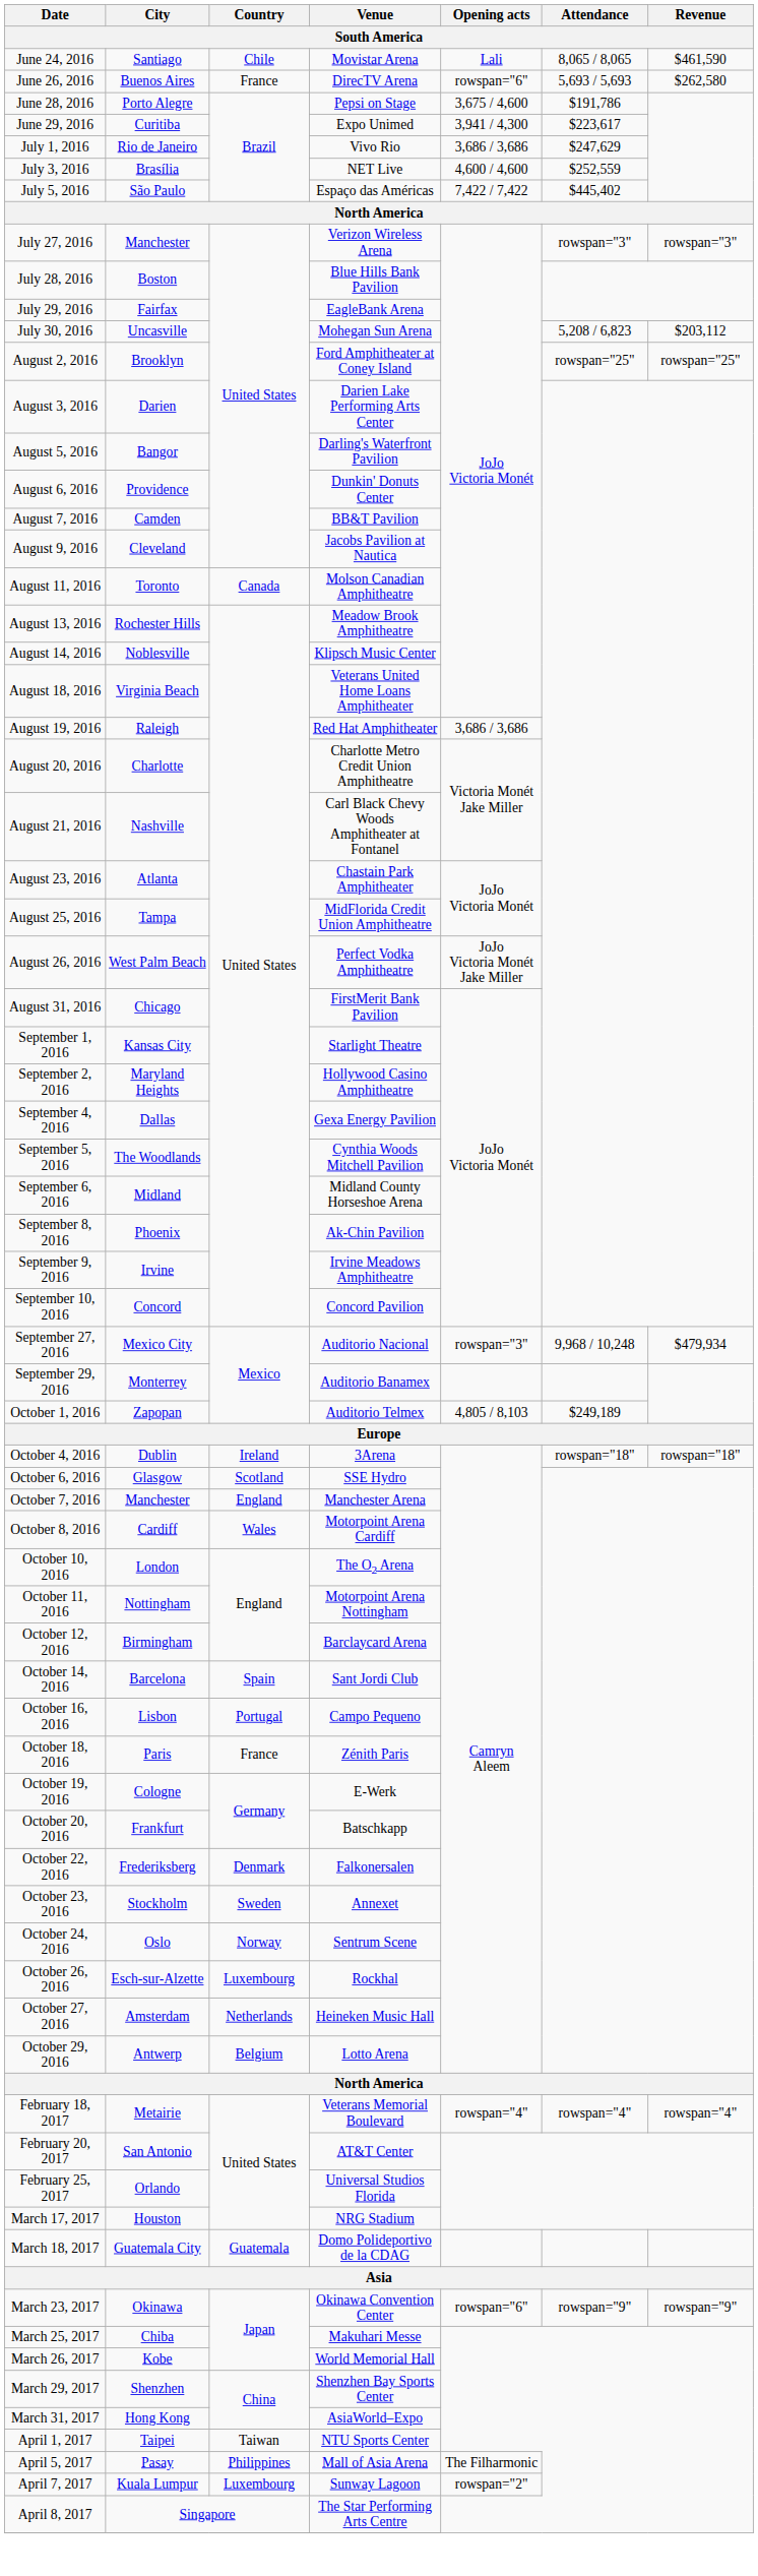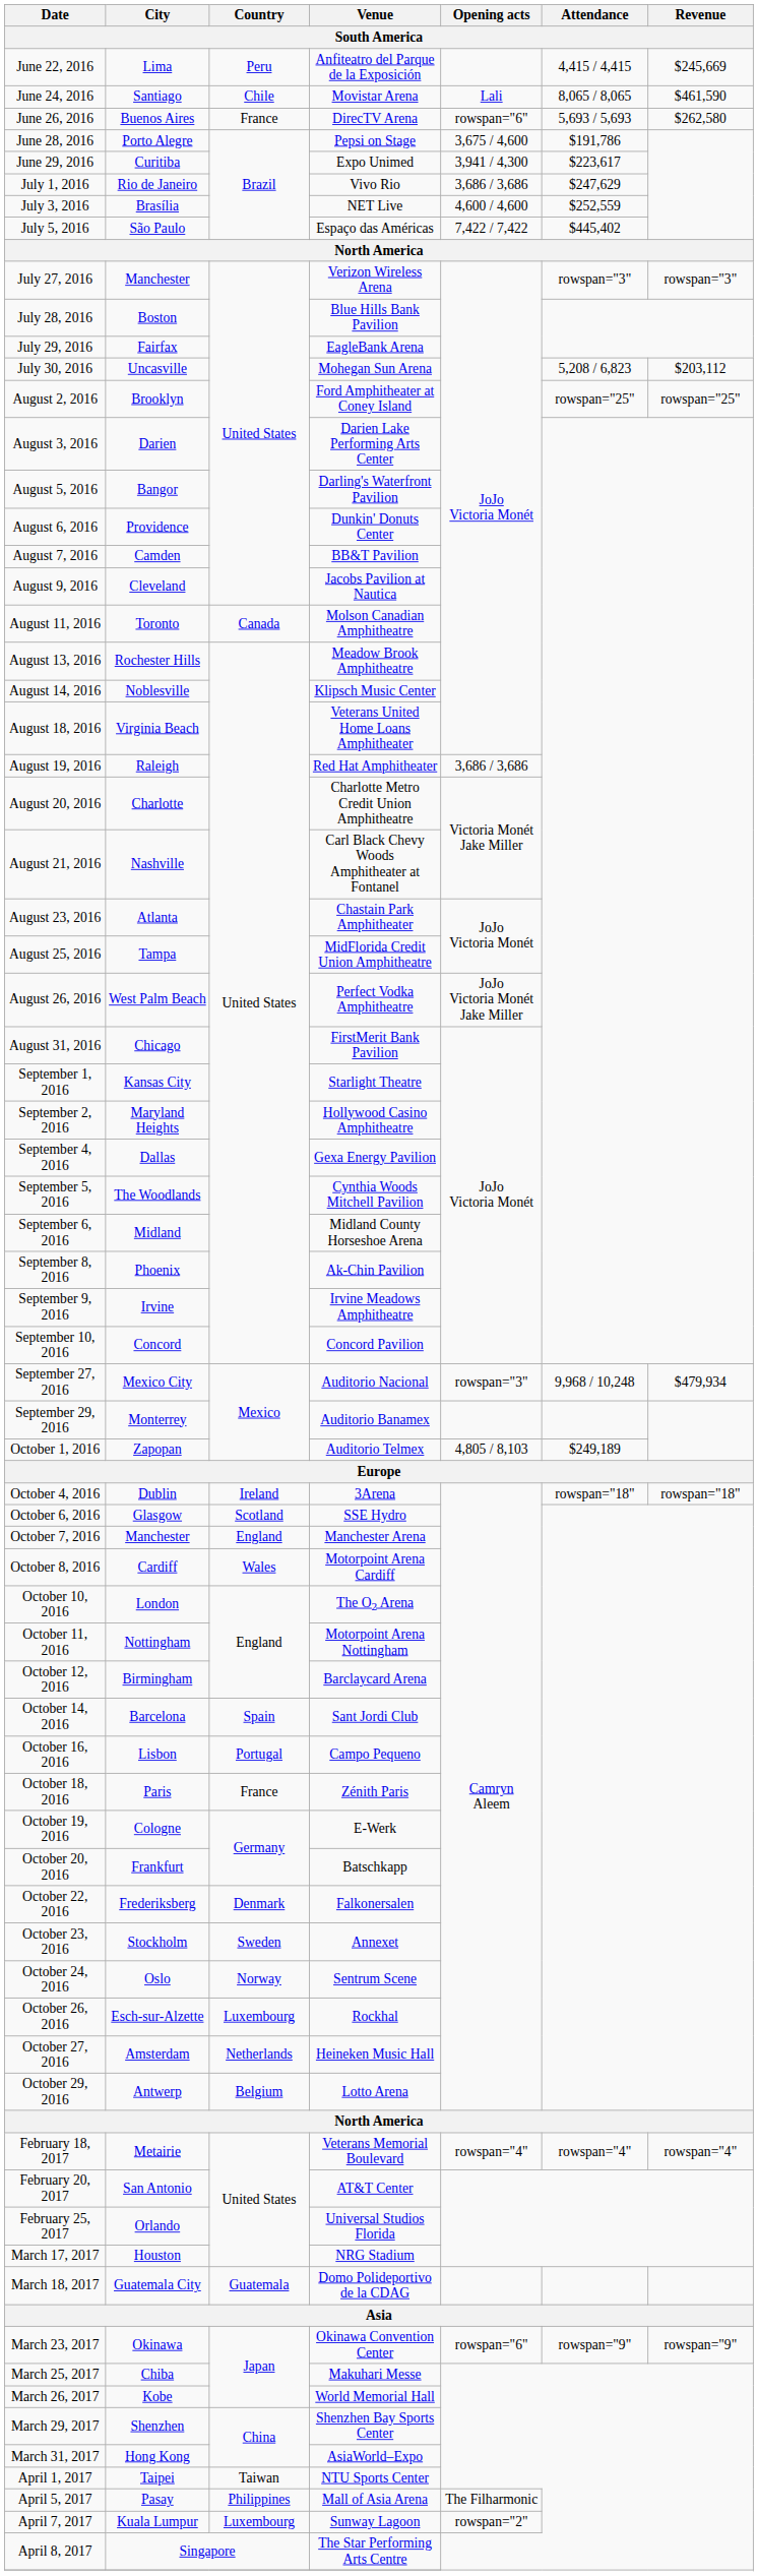 <table class="wikitable plainrowheaders" style="text-align:center;">
 <tr>
 <th scope="col" style="width:12em;">Date</th>
 <th scope="col" style="width:10em;">City</th>
 <th scope="col" style="width:10em;">Country</th>
 <th scope="col" style="width:16em;">Venue</th>
 <th scope="col" style="width:10em;">Opening acts</th>
 <th scope="col" style="width:10em;">Attendance</th>
 <th scope="col" style="width:10em;">Revenue</th>
 </tr>
 <tr>
 <th colspan="7" style="text-align:center;"><strong>South America</strong></th>
+</tr>
+<tr>
+<td>June 22, 2016</td>
+<td><a href='#'>Lima</a></td>
+<td><a href='#'>Peru</a></td>
+<td><a href='#'>Anfiteatro del Parque de la Exposición</a></td>
+<td></td>
+<td>4,415 / 4,415</td>
+<td>$245,669</td>
 </tr>
 <tr>
 <td>June 24, 2016</td>
 <td><a href='#'>Santiago</a></td>
 <td><a href='#'>Chile</a></td>
 <td><a href='#'>Movistar Arena</a></td>
 <td><a href='#'>Lali</a></td>
 <td>8,065 / 8,065</td>
 <td>$461,590</td>
 </tr>
 <tr>
 <td>June 26, 2016</td>
 <td><a href='#'>Buenos Aires</a></td>
 <td>France</td>
 <td><a href='#'>DirecTV Arena</a></td>
 <td>rowspan="6" </td>
 <td>5,693 / 5,693</td>
 <td>$262,580</td>
 </tr>
 <tr>
 <td>June 28, 2016</td>
 <td><a href='#'>Porto Alegre</a></td>
 <td rowspan="5"><a href='#'>Brazil</a></td>
 <td><a href='#'>Pepsi on Stage</a></td>
 <td>3,675 / 4,600</td>
 <td>$191,786</td>
 </tr>
 <tr>
 <td>June 29, 2016</td>
 <td><a href='#'>Curitiba</a></td>
 <td>Expo Unimed</td>
 <td>3,941 / 4,300</td>
 <td>$223,617</td>
 </tr>
 <tr>
 <td>July 1, 2016</td>
 <td><a href='#'>Rio de Janeiro</a></td>
 <td>Vivo Rio</td>
 <td>3,686 / 3,686</td>
 <td>$247,629</td>
 </tr>
 <tr>
 <td>July 3, 2016</td>
 <td><a href='#'>Brasília</a></td>
 <td>NET Live</td>
 <td>4,600 / 4,600</td>
 <td>$252,559</td>
 </tr>
 <tr>
 <td>July 5, 2016</td>
 <td><a href='#'>São Paulo</a></td>
 <td>Espaço das Américas</td>
 <td>7,422 / 7,422</td>
 <td>$445,402</td>
 </tr>
 <tr>
 <th colspan="7" style="text-align:center;"><strong>North America</strong></th>
 </tr>
 <tr>
 <td>July 27, 2016</td>
 <td><a href='#'>Manchester</a></td>
 <td rowspan="10"><a href='#'>United States</a></td>
 <td><a href='#'>Verizon Wireless Arena</a></td>
 <td rowspan="14"><a href='#'>JoJo</a><br><a href='#'>Victoria Monét</a></td>
 <td>rowspan="3" </td>
 <td>rowspan="3" </td>
 </tr>
 <tr>
 <td>July 28, 2016</td>
 <td><a href='#'>Boston</a></td>
 <td><a href='#'>Blue Hills Bank Pavilion</a></td>
 </tr>
 <tr>
 <td>July 29, 2016</td>
 <td><a href='#'>Fairfax</a></td>
 <td><a href='#'>EagleBank Arena</a></td>
 </tr>
 <tr>
 <td>July 30, 2016</td>
 <td><a href='#'>Uncasville</a></td>
 <td><a href='#'>Mohegan Sun Arena</a></td>
 <td>5,208 / 6,823</td>
 <td>$203,112</td>
 </tr>
 <tr>
 <td>August 2, 2016</td>
 <td><a href='#'>Brooklyn</a></td>
 <td><a href='#'>Ford Amphitheater at Coney Island</a></td>
 <td>rowspan="25" </td>
 <td>rowspan="25" </td>
 </tr>
 <tr>
 <td>August 3, 2016</td>
 <td><a href='#'>Darien</a></td>
 <td><a href='#'>Darien Lake Performing Arts Center</a></td>
 </tr>
 <tr>
 <td>August 5, 2016</td>
 <td><a href='#'>Bangor</a></td>
 <td><a href='#'>Darling's Waterfront Pavilion</a></td>
 </tr>
 <tr>
 <td>August 6, 2016</td>
 <td><a href='#'>Providence</a></td>
 <td><a href='#'>Dunkin' Donuts Center</a></td>
 </tr>
 <tr>
 <td>August 7, 2016</td>
 <td><a href='#'>Camden</a></td>
 <td><a href='#'>BB&T Pavilion</a></td>
 </tr>
 <tr>
 <td>August 9, 2016</td>
 <td><a href='#'>Cleveland</a></td>
 <td><a href='#'>Jacobs Pavilion at Nautica</a></td>
 </tr>
 <tr>
 <td>August 11, 2016</td>
 <td><a href='#'>Toronto</a></td>
 <td><a href='#'>Canada</a></td>
 <td><a href='#'>Molson Canadian Amphitheatre</a></td>
 </tr>
 <tr>
 <td>August 13, 2016</td>
 <td><a href='#'>Rochester Hills</a></td>
 <td rowspan="18">United States</td>
 <td><a href='#'>Meadow Brook Amphitheatre</a></td>
 </tr>
 <tr>
 <td>August 14, 2016</td>
 <td><a href='#'>Noblesville</a></td>
 <td><a href='#'>Klipsch Music Center</a></td>
 </tr>
 <tr>
 <td>August 18, 2016</td>
 <td><a href='#'>Virginia Beach</a></td>
 <td><a href='#'>Veterans United Home Loans Amphitheater</a></td>
 </tr>
 <tr>
 <td>August 19, 2016</td>
 <td><a href='#'>Raleigh</a></td>
 <td><a href='#'>Red Hat Amphitheater</a></td>
 <td>3,686 / 3,686</td>
 </tr>
 <tr>
 <td>August 20, 2016</td>
 <td><a href='#'>Charlotte</a></td>
 <td>Charlotte Metro<br>Credit Union Amphitheatre</td>
 <td rowspan="2">Victoria Monét<br>Jake Miller</td>
 </tr>
 <tr>
 <td>August 21, 2016</td>
 <td><a href='#'>Nashville</a></td>
 <td>Carl Black Chevy Woods<br>Amphitheater at Fontanel</td>
 </tr>
 <tr>
 <td>August 23, 2016</td>
 <td><a href='#'>Atlanta</a></td>
 <td><a href='#'>Chastain Park Amphitheater</a></td>
 <td rowspan="2">JoJo<br>Victoria Monét</td>
 </tr>
 <tr>
 <td>August 25, 2016</td>
 <td><a href='#'>Tampa</a></td>
 <td><a href='#'>MidFlorida Credit Union Amphitheatre</a></td>
 </tr>
 <tr>
 <td>August 26, 2016</td>
 <td><a href='#'>West Palm Beach</a></td>
 <td><a href='#'>Perfect Vodka Amphitheatre</a></td>
 <td>JoJo<br>Victoria Monét<br>Jake Miller</td>
 </tr>
 <tr>
 <td>August 31, 2016</td>
 <td><a href='#'>Chicago</a></td>
 <td><a href='#'>FirstMerit Bank Pavilion</a></td>
 <td rowspan="9">JoJo<br>Victoria Monét</td>
 </tr>
 <tr>
 <td>September 1, 2016</td>
 <td><a href='#'>Kansas City</a></td>
 <td><a href='#'>Starlight Theatre</a></td>
 </tr>
 <tr>
 <td>September 2, 2016</td>
 <td><a href='#'>Maryland Heights</a></td>
 <td><a href='#'>Hollywood Casino Amphitheatre</a></td>
 </tr>
 <tr>
 <td>September 4, 2016</td>
 <td><a href='#'>Dallas</a></td>
 <td><a href='#'>Gexa Energy Pavilion</a></td>
 </tr>
 <tr>
 <td>September 5, 2016</td>
 <td><a href='#'>The Woodlands</a></td>
 <td><a href='#'>Cynthia Woods Mitchell Pavilion</a></td>
 </tr>
 <tr>
 <td>September 6, 2016</td>
 <td><a href='#'>Midland</a></td>
 <td>Midland County Horseshoe Arena</td>
 </tr>
 <tr>
 <td>September 8, 2016</td>
 <td><a href='#'>Phoenix</a></td>
 <td><a href='#'>Ak-Chin Pavilion</a></td>
 </tr>
 <tr>
 <td>September 9, 2016</td>
 <td><a href='#'>Irvine</a></td>
 <td><a href='#'>Irvine Meadows Amphitheatre</a></td>
 </tr>
 <tr>
 <td>September 10, 2016</td>
 <td><a href='#'>Concord</a></td>
 <td><a href='#'>Concord Pavilion</a></td>
 </tr>
 <tr>
 <td>September 27, 2016</td>
 <td><a href='#'>Mexico City</a></td>
 <td rowspan="3"><a href='#'>Mexico</a></td>
 <td><a href='#'>Auditorio Nacional</a></td>
 <td>rowspan="3" </td>
 <td>9,968 / 10,248</td>
 <td>$479,934</td>
 </tr>
 <tr>
 <td>September 29, 2016</td>
 <td><a href='#'>Monterrey</a></td>
 <td><a href='#'>Auditorio Banamex</a></td>
 <td></td>
 <td></td>
 </tr>
 <tr>
 <td>October 1, 2016</td>
 <td><a href='#'>Zapopan</a></td>
 <td><a href='#'>Auditorio Telmex</a></td>
 <td>4,805 / 8,103</td>
 <td>$249,189</td>
 </tr>
 <tr>
 <th colspan="7" style="text-align:center;"><strong>Europe</strong></th>
 </tr>
 <tr>
 <td>October 4, 2016</td>
 <td><a href='#'>Dublin</a></td>
 <td><a href='#'>Ireland</a></td>
 <td><a href='#'>3Arena</a></td>
 <td rowspan="18"><a href='#'>Camryn</a><br>Aleem</td>
 <td>rowspan="18" </td>
 <td>rowspan="18" </td>
 </tr>
 <tr>
 <td>October 6, 2016</td>
 <td><a href='#'>Glasgow</a></td>
 <td><a href='#'>Scotland</a></td>
 <td><a href='#'>SSE Hydro</a></td>
 </tr>
 <tr>
 <td>October 7, 2016</td>
 <td><a href='#'>Manchester</a></td>
 <td><a href='#'>England</a></td>
 <td><a href='#'>Manchester Arena</a></td>
 </tr>
 <tr>
 <td>October 8, 2016</td>
 <td><a href='#'>Cardiff</a></td>
 <td><a href='#'>Wales</a></td>
 <td><a href='#'>Motorpoint Arena Cardiff</a></td>
 </tr>
 <tr>
 <td>October 10, 2016</td>
 <td><a href='#'>London</a></td>
 <td rowspan="3">England</td>
 <td><a href='#'>The O<sub>2</sub> Arena</a></td>
 </tr>
 <tr>
 <td>October 11, 2016</td>
 <td><a href='#'>Nottingham</a></td>
 <td><a href='#'>Motorpoint Arena Nottingham</a></td>
 </tr>
 <tr>
 <td>October 12, 2016</td>
 <td><a href='#'>Birmingham</a></td>
 <td><a href='#'>Barclaycard Arena</a></td>
 </tr>
 <tr>
 <td>October 14, 2016</td>
 <td><a href='#'>Barcelona</a></td>
 <td><a href='#'>Spain</a></td>
 <td><a href='#'>Sant Jordi Club</a></td>
 </tr>
 <tr>
 <td>October 16, 2016</td>
 <td><a href='#'>Lisbon</a></td>
 <td><a href='#'>Portugal</a></td>
 <td><a href='#'>Campo Pequeno</a></td>
 </tr>
 <tr>
 <td>October 18, 2016</td>
 <td><a href='#'>Paris</a></td>
 <td>France</td>
 <td><a href='#'>Zénith Paris</a></td>
 </tr>
 <tr>
 <td>October 19, 2016</td>
 <td><a href='#'>Cologne</a></td>
 <td rowspan="2"><a href='#'>Germany</a></td>
 <td>E-Werk</td>
 </tr>
 <tr>
 <td>October 20, 2016</td>
 <td><a href='#'>Frankfurt</a></td>
 <td>Batschkapp</td>
 </tr>
 <tr>
 <td>October 22, 2016</td>
 <td><a href='#'>Frederiksberg</a></td>
 <td><a href='#'>Denmark</a></td>
 <td><a href='#'>Falkonersalen</a></td>
 </tr>
 <tr>
 <td>October 23, 2016</td>
 <td><a href='#'>Stockholm</a></td>
 <td><a href='#'>Sweden</a></td>
 <td><a href='#'>Annexet</a></td>
 </tr>
 <tr>
 <td>October 24, 2016</td>
 <td><a href='#'>Oslo</a></td>
 <td><a href='#'>Norway</a></td>
 <td><a href='#'>Sentrum Scene</a></td>
 </tr>
 <tr>
 <td>October 26, 2016</td>
 <td><a href='#'>Esch-sur-Alzette</a></td>
 <td><a href='#'>Luxembourg</a></td>
 <td><a href='#'>Rockhal</a></td>
 </tr>
 <tr>
 <td>October 27, 2016</td>
 <td><a href='#'>Amsterdam</a></td>
 <td><a href='#'>Netherlands</a></td>
 <td><a href='#'>Heineken Music Hall</a></td>
 </tr>
 <tr>
 <td>October 29, 2016</td>
 <td><a href='#'>Antwerp</a></td>
 <td><a href='#'>Belgium</a></td>
 <td><a href='#'>Lotto Arena</a></td>
 </tr>
 <tr>
 <th colspan="7" style="text-align:center;"><strong>North America</strong></th>
 </tr>
 <tr>
 <td>February 18, 2017</td>
 <td><a href='#'>Metairie</a></td>
 <td rowspan="4">United States</td>
 <td><a href='#'>Veterans Memorial Boulevard</a></td>
 <td>rowspan="4" </td>
 <td>rowspan="4" </td>
 <td>rowspan="4" </td>
 </tr>
 <tr>
 <td>February 20, 2017</td>
 <td><a href='#'>San Antonio</a></td>
 <td><a href='#'>AT&T Center</a></td>
 </tr>
 <tr>
 <td>February 25, 2017</td>
 <td><a href='#'>Orlando</a></td>
 <td><a href='#'>Universal Studios Florida</a></td>
 </tr>
 <tr>
 <td>March 17, 2017</td>
 <td><a href='#'>Houston</a></td>
 <td><a href='#'>NRG Stadium</a></td>
 </tr>
 <tr>
 <td>March 18, 2017</td>
 <td><a href='#'>Guatemala City</a></td>
 <td><a href='#'>Guatemala</a></td>
 <td><a href='#'>Domo Polideportivo de la CDAG</a></td>
 <td></td>
 <td></td>
 <td></td>
 </tr>
 <tr>
 <th colspan="7" style="text-align:center;"><strong>Asia</strong></th>
 </tr>
 <tr>
 <td>March 23, 2017</td>
 <td><a href='#'>Okinawa</a></td>
 <td rowspan="3"><a href='#'>Japan</a></td>
 <td><a href='#'>Okinawa Convention Center</a></td>
 <td>rowspan="6" </td>
 <td>rowspan="9" </td>
 <td>rowspan="9" </td>
 </tr>
 <tr>
 <td>March 25, 2017</td>
 <td><a href='#'>Chiba</a></td>
 <td><a href='#'>Makuhari Messe</a></td>
 </tr>
 <tr>
 <td>March 26, 2017</td>
 <td><a href='#'>Kobe</a></td>
 <td><a href='#'>World Memorial Hall</a></td>
 </tr>
 <tr>
 <td>March 29, 2017</td>
 <td><a href='#'>Shenzhen</a></td>
 <td rowspan="2"><a href='#'>China</a></td>
 <td><a href='#'>Shenzhen Bay Sports Center</a></td>
 </tr>
 <tr>
 <td>March 31, 2017</td>
 <td><a href='#'>Hong Kong</a></td>
 <td><a href='#'>AsiaWorld–Expo</a></td>
 </tr>
 <tr>
 <td>April 1, 2017</td>
 <td><a href='#'>Taipei</a></td>
 <td>Taiwan</td>
 <td><a href='#'>NTU Sports Center</a></td>
 </tr>
 <tr>
 <td>April 5, 2017</td>
 <td><a href='#'>Pasay</a></td>
 <td><a href='#'>Philippines</a></td>
 <td><a href='#'>Mall of Asia Arena</a></td>
 <td>The Filharmonic</td>
 </tr>
 <tr>
 <td>April 7, 2017</td>
 <td><a href='#'>Kuala Lumpur</a></td>
 <td><a href='#'>Luxembourg</a></td>
 <td><a href='#'>Sunway Lagoon</a></td>
 <td>rowspan="2" </td>
 </tr>
 <tr>
 <td>April 8, 2017</td>
 <td colspan="2"><a href='#'>Singapore</a></td>
 <td><a href='#'>The Star Performing Arts Centre</a></td>
 </tr>
 <tr>
 </tr>
 </table>
